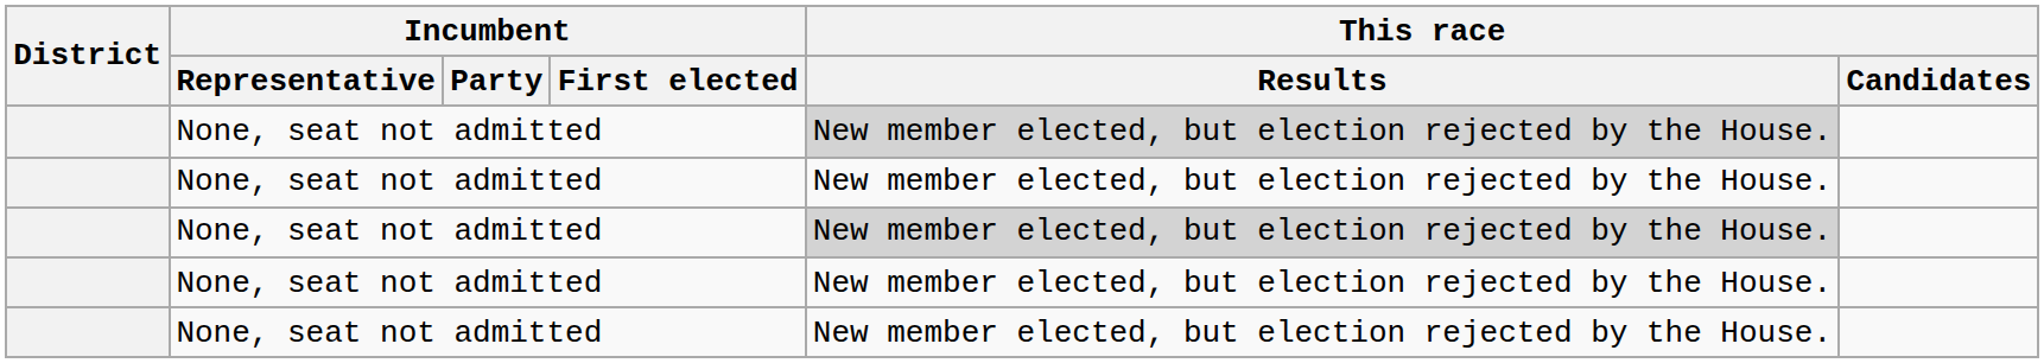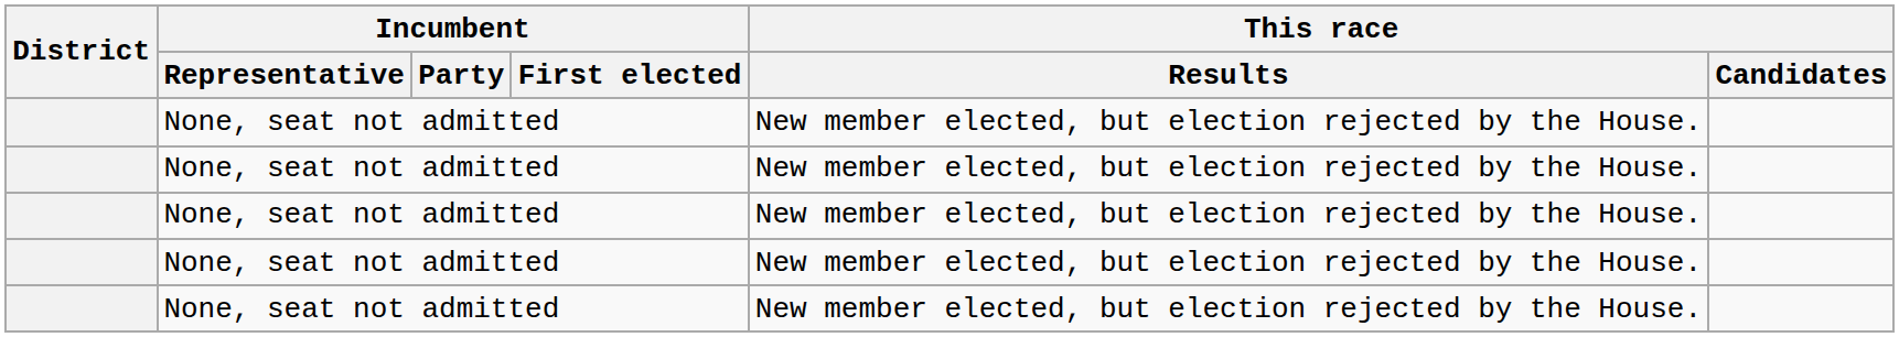 <table class=wikitable>
 <tr>
 <th rowspan=2>District</th>
 <th colspan=3>Incumbent</th>
 <th colspan=2>This race</th>
 </tr>
 <tr>
 <th>Representative</th>
 <th>Party</th>
 <th>First elected</th>
 <th>Results</th>
 <th>Candidates</th>
 </tr>
 <tr>
 <th></th>
 <td colspan=3>None, seat not admitted</td>
-<td style="background: lightgrey;">New member elected, but election rejected by the House.</td>
+<td>New member elected, but election rejected by the House.</td>
 <td nowrap></td>
 </tr>
 <tr>
 <th></th>
 <td colspan=3>None, seat not admitted</td>
 <td>New member elected, but election rejected by the House.</td>
 <td nowrap></td>
 </tr>
 <tr>
 <th></th>
 <td colspan=3>None, seat not admitted</td>
-<td style="background: lightgrey;">New member elected, but election rejected by the House.</td>
+<td>New member elected, but election rejected by the House.</td>
 <td nowrap></td>
 </tr>
 <tr>
 <th></th>
 <td colspan=3>None, seat not admitted</td>
 <td>New member elected, but election rejected by the House.</td>
 <td nowrap></td>
 </tr>
 <tr>
 <th></th>
 <td colspan=3>None, seat not admitted</td>
 <td>New member elected, but election rejected by the House.</td>
 <td nowrap></td>
 </tr>
 </table>
